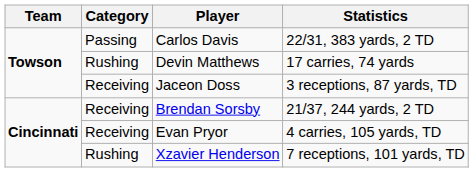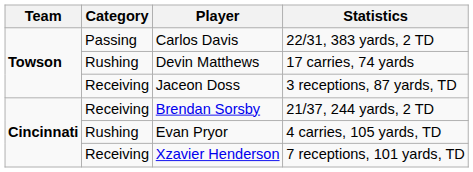 <table class="wikitable" style="float: right;">
 <tr>
 <th>Team</th>
 <th>Category</th>
 <th>Player</th>
 <th>Statistics</th>
 </tr>
 <tr>
 <td rowspan=3><strong>Towson</strong></td>
 <td>Passing</td>
 <td>Carlos Davis</td>
 <td>22/31, 383 yards, 2 TD</td>
 </tr>
 <tr>
 <td>Rushing</td>
 <td>Devin Matthews</td>
 <td>17 carries, 74 yards</td>
 </tr>
 <tr>
 <td>Receiving</td>
 <td>Jaceon Doss</td>
 <td>3 receptions, 87 yards, TD</td>
 </tr>
 <tr>
 <td rowspan=3><strong>Cincinnati</strong></td>
 <td>Receiving</td>
 <td><a href='#'>Brendan Sorsby</a></td>
 <td>21/37, 244 yards, 2 TD</td>
 </tr>
 <tr>
-<td>Receiving</td>
+<td>Rushing</td>
 <td>Evan Pryor</td>
 <td>4 carries, 105 yards, TD</td>
 </tr>
 <tr>
-<td>Rushing</td>
+<td>Receiving</td>
 <td><a href='#'>Xzavier Henderson</a></td>
 <td>7 receptions, 101 yards, TD</td>
 </tr>
 </table>
